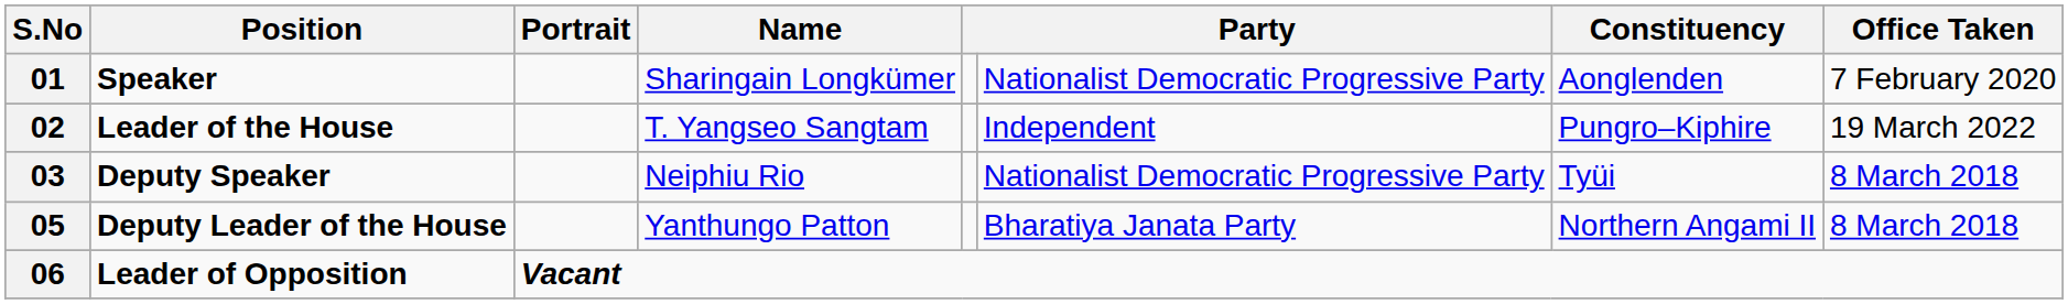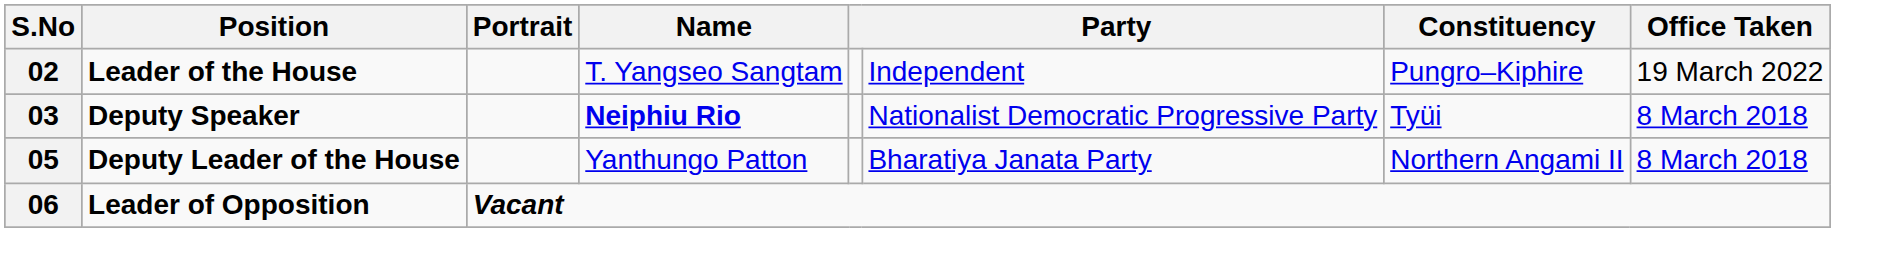 <table class="wikitable sortable">
 <tr>
 <th>S.No</th>
 <th>Position</th>
 <th>Portrait</th>
 <th>Name</th>
 <th colspan="2">Party</th>
 <th>Constituency</th>
 <th>Office Taken</th>
-</tr>
-<tr>
-<th><strong>01</strong></th>
-<td><strong>Speaker</strong></td>
-<td></td>
-<td><a href='#'>Sharingain Longkümer</a></td>
-<td style="background:"></td>
-<td><a href='#'>Nationalist Democratic Progressive Party</a></td>
-<td><a href='#'>Aonglenden</a></td>
-<td>7 February 2020</td>
 </tr>
 <tr>
 <th><strong>02</strong></th>
 <td><strong>Leader of the House</strong></td>
 <td></td>
 <td><a href='#'>T. Yangseo Sangtam</a></td>
 <td style="background:"></td>
 <td><a href='#'>Independent</a></td>
 <td><a href='#'>Pungro–Kiphire</a></td>
 <td>19 March 2022</td>
 </tr>
 <tr>
 <th><strong>03</strong></th>
 <td><strong>Deputy Speaker</strong></td>
 <td></td>
-<td><a href='#'>Neiphiu Rio</a></td>
+<td><strong><a href='#'>Neiphiu Rio</a></strong></td>
 <td style="background:"></td>
 <td><a href='#'>Nationalist Democratic Progressive Party</a></td>
 <td><a href='#'>Tyüi</a></td>
 <td><a href='#'>8 March 2018</a></td>
 </tr>
 <tr>
 <th>05</th>
 <td><strong>Deputy Leader of the House</strong></td>
 <td></td>
 <td><a href='#'>Yanthungo Patton</a></td>
 <td style="background:"></td>
 <td><a href='#'>Bharatiya Janata Party</a></td>
 <td><a href='#'>Northern Angami II</a></td>
 <td><a href='#'>8 March 2018</a></td>
 </tr>
 <tr>
 <th>06</th>
 <td><strong>Leader of Opposition</strong></td>
 <td colspan="6"><strong><em>Vacant</em></strong></td>
 </tr>
 </table>
